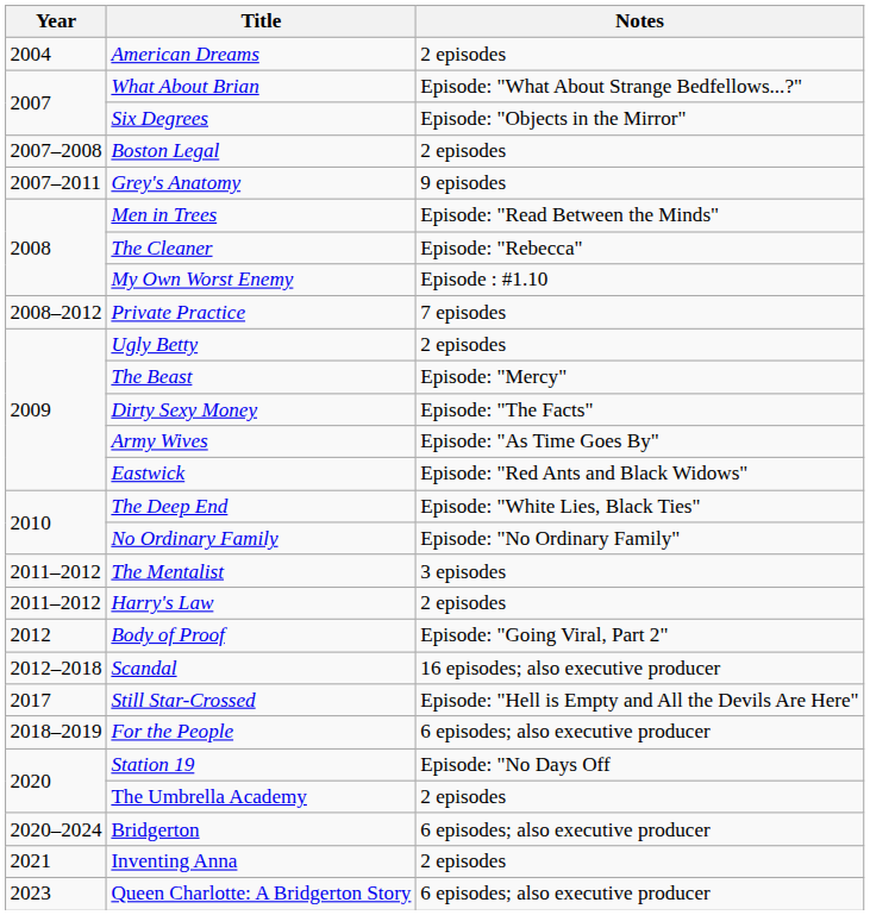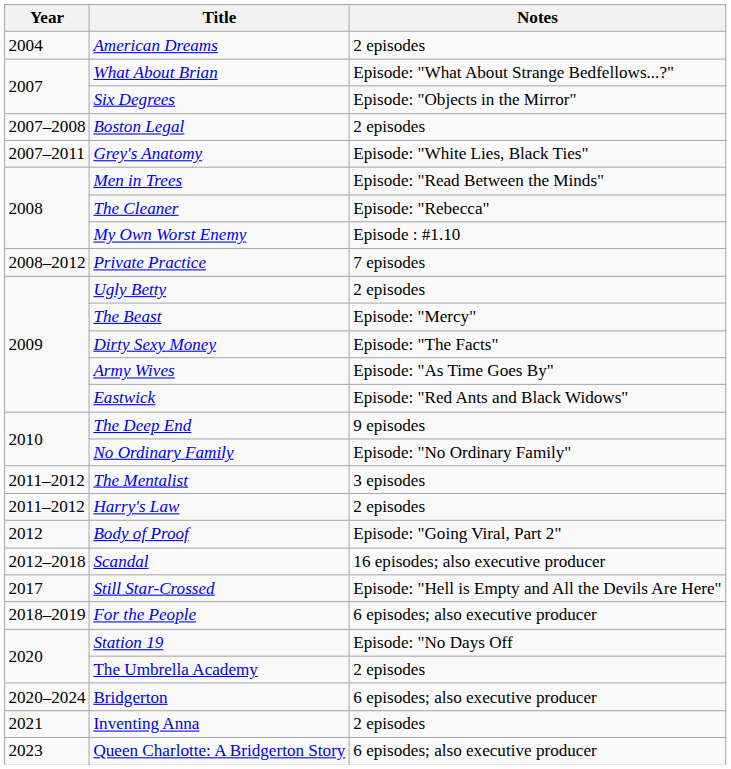 <table class="wikitable">
 <tr>
 <th>Year</th>
 <th>Title</th>
 <th>Notes</th>
 </tr>
 <tr>
 <td>2004</td>
 <td><em><a href='#'>American Dreams</a></em></td>
 <td>2 episodes</td>
 </tr>
 <tr>
 <td rowspan="2">2007</td>
 <td><em><a href='#'>What About Brian</a></em></td>
 <td>Episode: "What About Strange Bedfellows...?"</td>
 </tr>
 <tr>
 <td><em><a href='#'>Six Degrees</a></em></td>
 <td>Episode: "Objects in the Mirror"</td>
 </tr>
 <tr>
 <td>2007–2008</td>
 <td><em><a href='#'>Boston Legal</a></em></td>
 <td>2 episodes</td>
 </tr>
 <tr>
 <td>2007–2011</td>
 <td><em><a href='#'>Grey's Anatomy</a></em></td>
-<td>9 episodes</td>
+<td>Episode: "White Lies, Black Ties"</td>
 </tr>
 <tr>
 <td rowspan="3">2008</td>
 <td><em><a href='#'>Men in Trees</a></em></td>
 <td>Episode: "Read Between the Minds"</td>
 </tr>
 <tr>
 <td><em><a href='#'>The Cleaner</a></em></td>
 <td>Episode: "Rebecca"</td>
 </tr>
 <tr>
 <td><em><a href='#'>My Own Worst Enemy</a></em></td>
 <td>Episode : #1.10</td>
 </tr>
 <tr>
 <td>2008–2012</td>
 <td><em><a href='#'>Private Practice</a></em></td>
 <td>7 episodes</td>
 </tr>
 <tr>
 <td rowspan="5">2009</td>
 <td><em><a href='#'>Ugly Betty</a></em></td>
 <td>2 episodes</td>
 </tr>
 <tr>
 <td><em><a href='#'>The Beast</a></em></td>
 <td>Episode: "Mercy"</td>
 </tr>
 <tr>
 <td><em><a href='#'>Dirty Sexy Money</a></em></td>
 <td>Episode: "The Facts"</td>
 </tr>
 <tr>
 <td><em><a href='#'>Army Wives</a></em></td>
 <td>Episode: "As Time Goes By"</td>
 </tr>
 <tr>
 <td><em><a href='#'>Eastwick</a></em></td>
 <td>Episode: "Red Ants and Black Widows"</td>
 </tr>
 <tr>
 <td rowspan="2">2010</td>
 <td><em><a href='#'>The Deep End</a></em></td>
-<td>Episode: "White Lies, Black Ties"</td>
+<td>9 episodes</td>
 </tr>
 <tr>
 <td><em><a href='#'>No Ordinary Family</a></em></td>
 <td>Episode: "No Ordinary Family"</td>
 </tr>
 <tr>
 <td>2011–2012</td>
 <td><em><a href='#'>The Mentalist</a></em></td>
 <td>3 episodes</td>
 </tr>
 <tr>
 <td>2011–2012</td>
 <td><em><a href='#'>Harry's Law</a></em></td>
 <td>2 episodes</td>
 </tr>
 <tr>
 <td>2012</td>
 <td><em><a href='#'>Body of Proof</a></em></td>
 <td>Episode: "Going Viral, Part 2"</td>
 </tr>
 <tr>
 <td>2012–2018</td>
 <td><em><a href='#'>Scandal</a></em></td>
 <td>16 episodes; also executive producer</td>
 </tr>
 <tr>
 <td>2017</td>
 <td><em><a href='#'>Still Star-Crossed</a></em></td>
 <td>Episode: "Hell is Empty and All the Devils Are Here"</td>
 </tr>
 <tr>
 <td>2018–2019</td>
 <td><em><a href='#'>For the People</a></em></td>
 <td>6 episodes; also executive producer</td>
 </tr>
 <tr>
 <td rowspan="2">2020</td>
 <td><em><a href='#'>Station 19</a></em></td>
 <td>Episode: "No Days Off<em></td>
 </tr>
 <tr>
 <td></em><a href='#'>The Umbrella Academy</a><em></td>
 <td>2 episodes</td>
 </tr>
 <tr>
 <td>2020–2024</td>
 <td></em><a href='#'>Bridgerton</a><em></td>
 <td>6 episodes; also executive producer</td>
 </tr>
 <tr>
 <td>2021</td>
 <td></em><a href='#'>Inventing Anna</a><em></td>
 <td>2 episodes</td>
 </tr>
 <tr>
 <td>2023</td>
 <td></em><a href='#'>Queen Charlotte: A Bridgerton Story</a><em></td>
 <td>6 episodes; also executive producer</td>
 </tr>
 </table>
